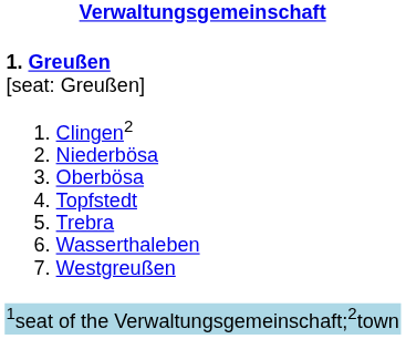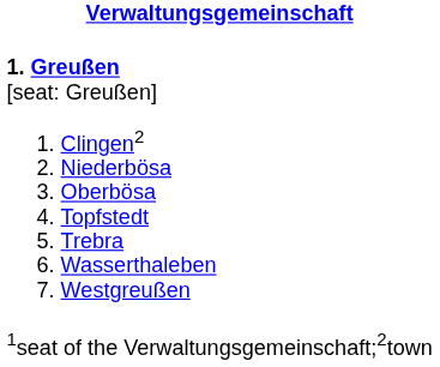 <table>
 <tr>
 <th><a href='#'>Verwaltungsgemeinschaft</a></th>
 </tr>
 <tr valign=top>
 <td><br><strong>1. <a href='#'>Greußen</a></strong><br>[seat: Greußen]<ol><li><a href='#'>Clingen</a><sup>2</sup></li><li><a href='#'>Niederbösa</a></li><li><a href='#'>Oberbösa</a></li><li><a href='#'>Topfstedt</a></li><li><a href='#'>Trebra</a></li><li><a href='#'>Wasserthaleben</a></li><li><a href='#'>Westgreußen</a></li></ol></td>
 </tr>
 <tr>
-<td align=center style="background: lightblue;"><sup>1</sup>seat of the Verwaltungsgemeinschaft;<sup>2</sup>town</td>
+<td align=center><sup>1</sup>seat of the Verwaltungsgemeinschaft;<sup>2</sup>town</td>
 </tr>
 </table>
